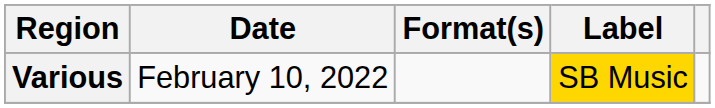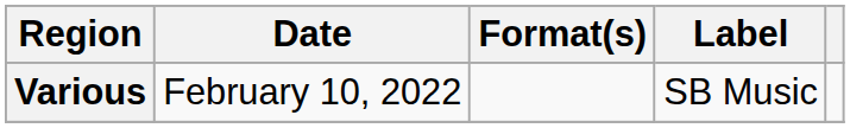 <table class="wikitable plainrowheaders">
 <tr>
 <th scope="col">Region</th>
 <th scope="col">Date</th>
 <th scope="col">Format(s)</th>
 <th scope="col">Label</th>
 <th scope="col"></th>
 </tr>
 <tr>
 <th scope="row">Various</th>
 <td>February 10, 2022</td>
 <td></td>
-<td style="background: gold;">SB Music</td>
+<td>SB Music</td>
 <td align="center"></td>
 </tr>
 <tr>
 </tr>
 </table>
